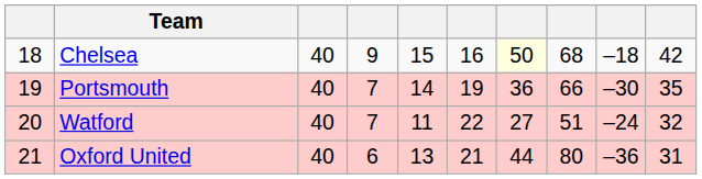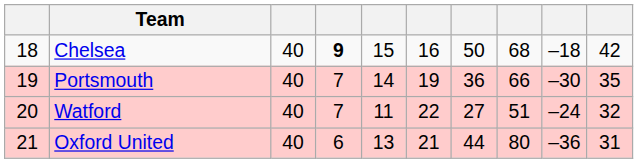 <table class="wikitable" style="text-align:center">
 <tr>
 <th width="30"></th>
 <th width="175">Team</th>
 <th width="30"></th>
 <th width="30"></th>
 <th width="30"></th>
 <th width="30"></th>
 <th width="30"></th>
 <th width="30"></th>
 <th width="30"></th>
 <th width="30"></th>
 </tr>
 <tr>
 <td>18</td>
 <td align=left><a href='#'>Chelsea</a></td>
 <td>40</td>
-<td>9</td>
+<td><strong>9</strong></td>
 <td>15</td>
 <td>16</td>
-<td style="background: lightyellow;">50</td>
+<td>50</td>
 <td>68</td>
 <td>–18</td>
 <td>42</td>
 </tr>
 <tr bgcolor="FFCCCC">
 <td>19</td>
 <td align=left><a href='#'>Portsmouth</a></td>
 <td>40</td>
 <td>7</td>
 <td>14</td>
 <td>19</td>
 <td>36</td>
 <td>66</td>
 <td>–30</td>
 <td>35</td>
 </tr>
 <tr bgcolor="FFCCCC">
 <td>20</td>
 <td align=left><a href='#'>Watford</a></td>
 <td>40</td>
 <td>7</td>
 <td>11</td>
 <td>22</td>
 <td>27</td>
 <td>51</td>
 <td>–24</td>
 <td>32</td>
 </tr>
 <tr bgcolor="FFCCCC">
 <td>21</td>
 <td align=left><a href='#'>Oxford United</a></td>
 <td>40</td>
 <td>6</td>
 <td>13</td>
 <td>21</td>
 <td>44</td>
 <td>80</td>
 <td>–36</td>
 <td>31</td>
 </tr>
 </table>
